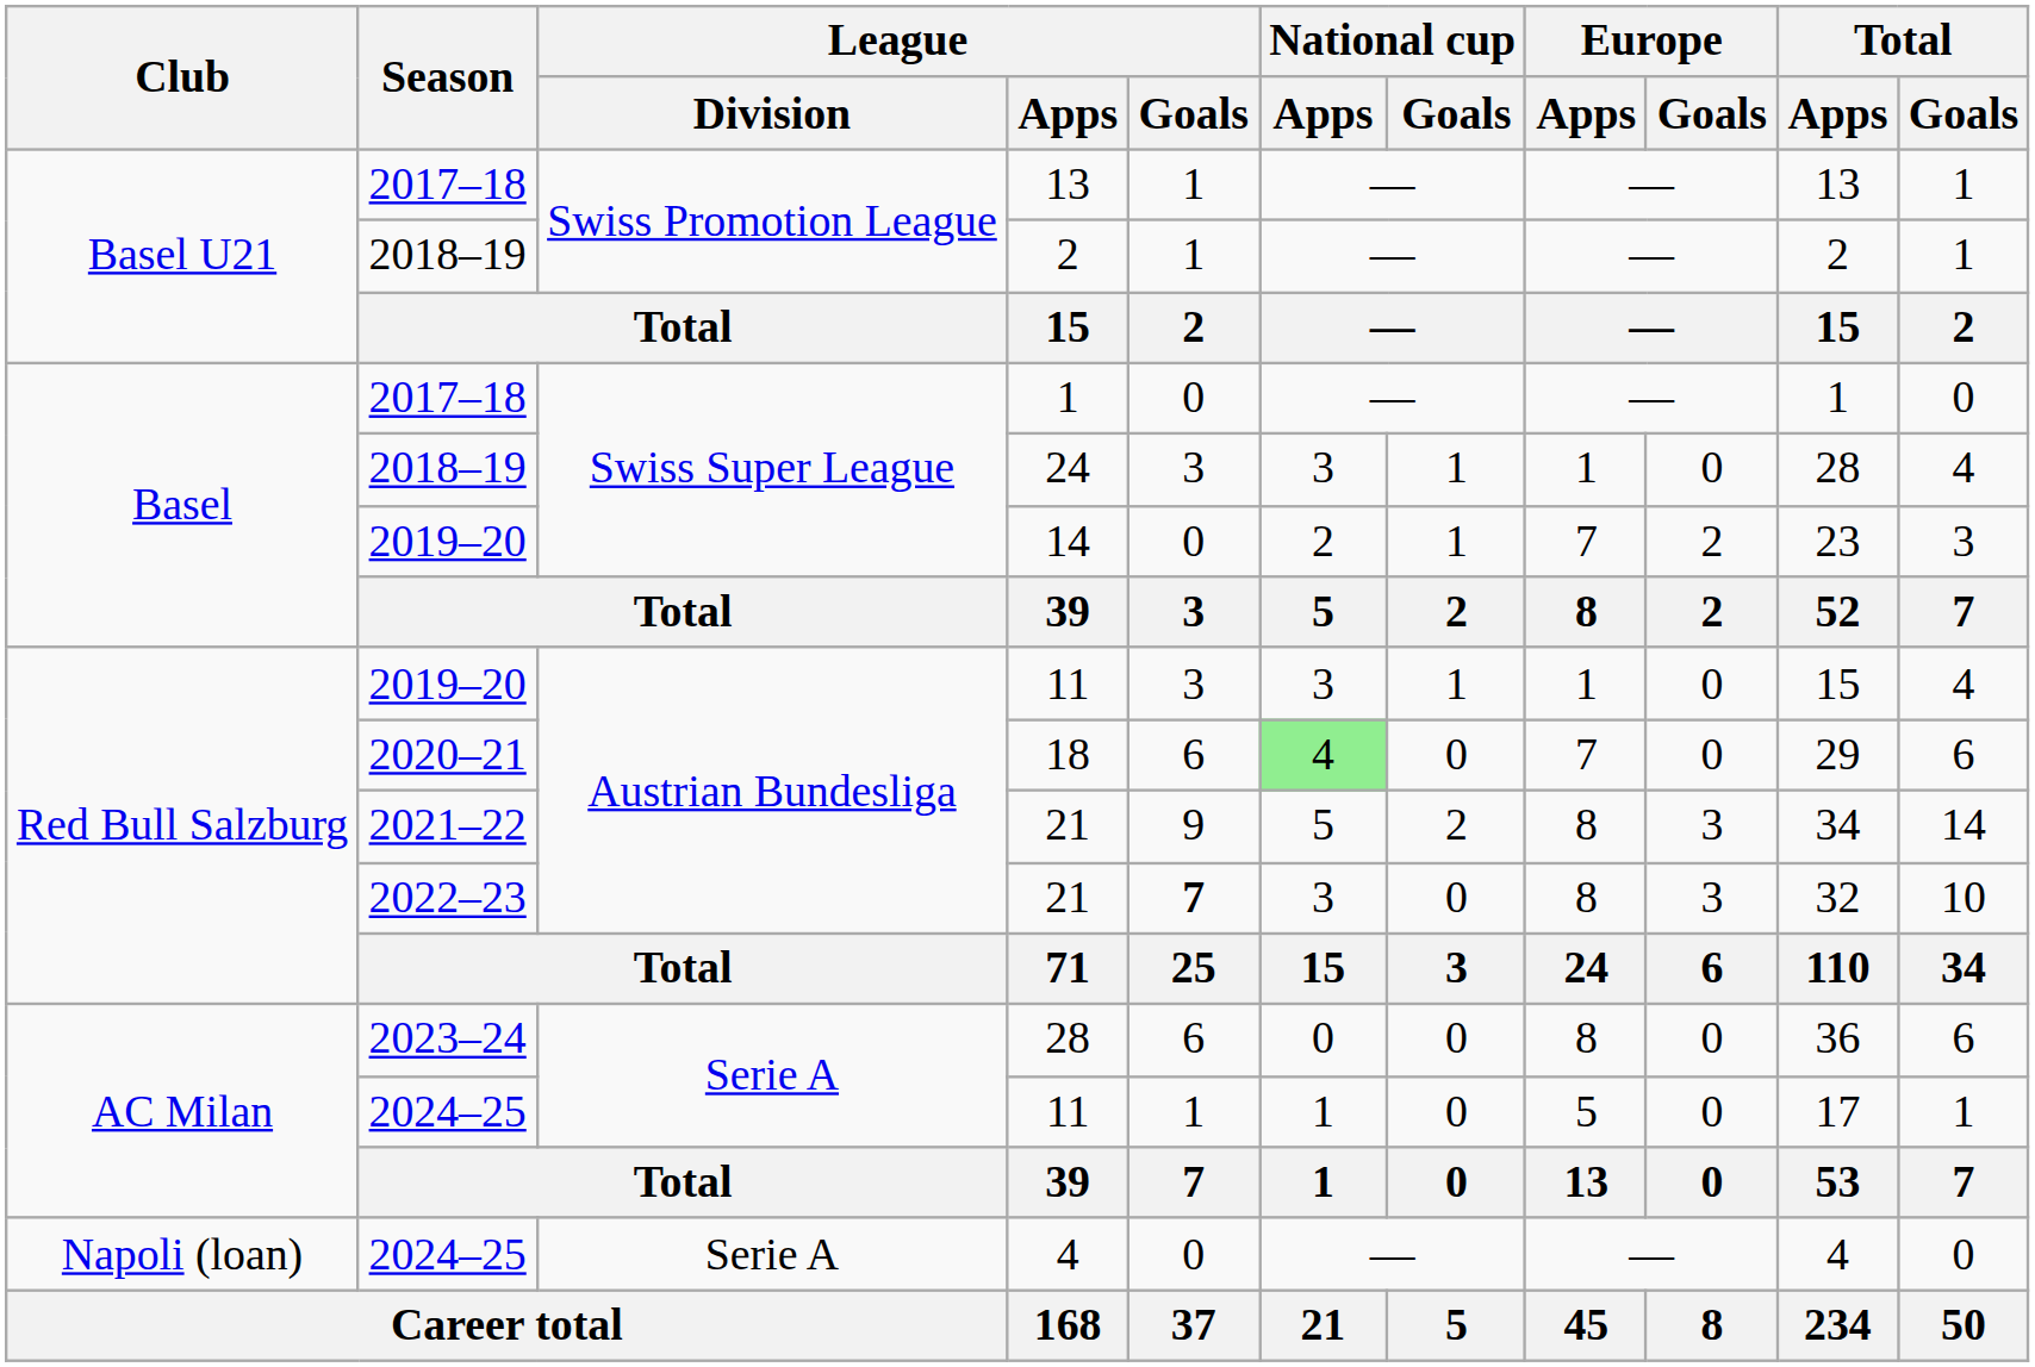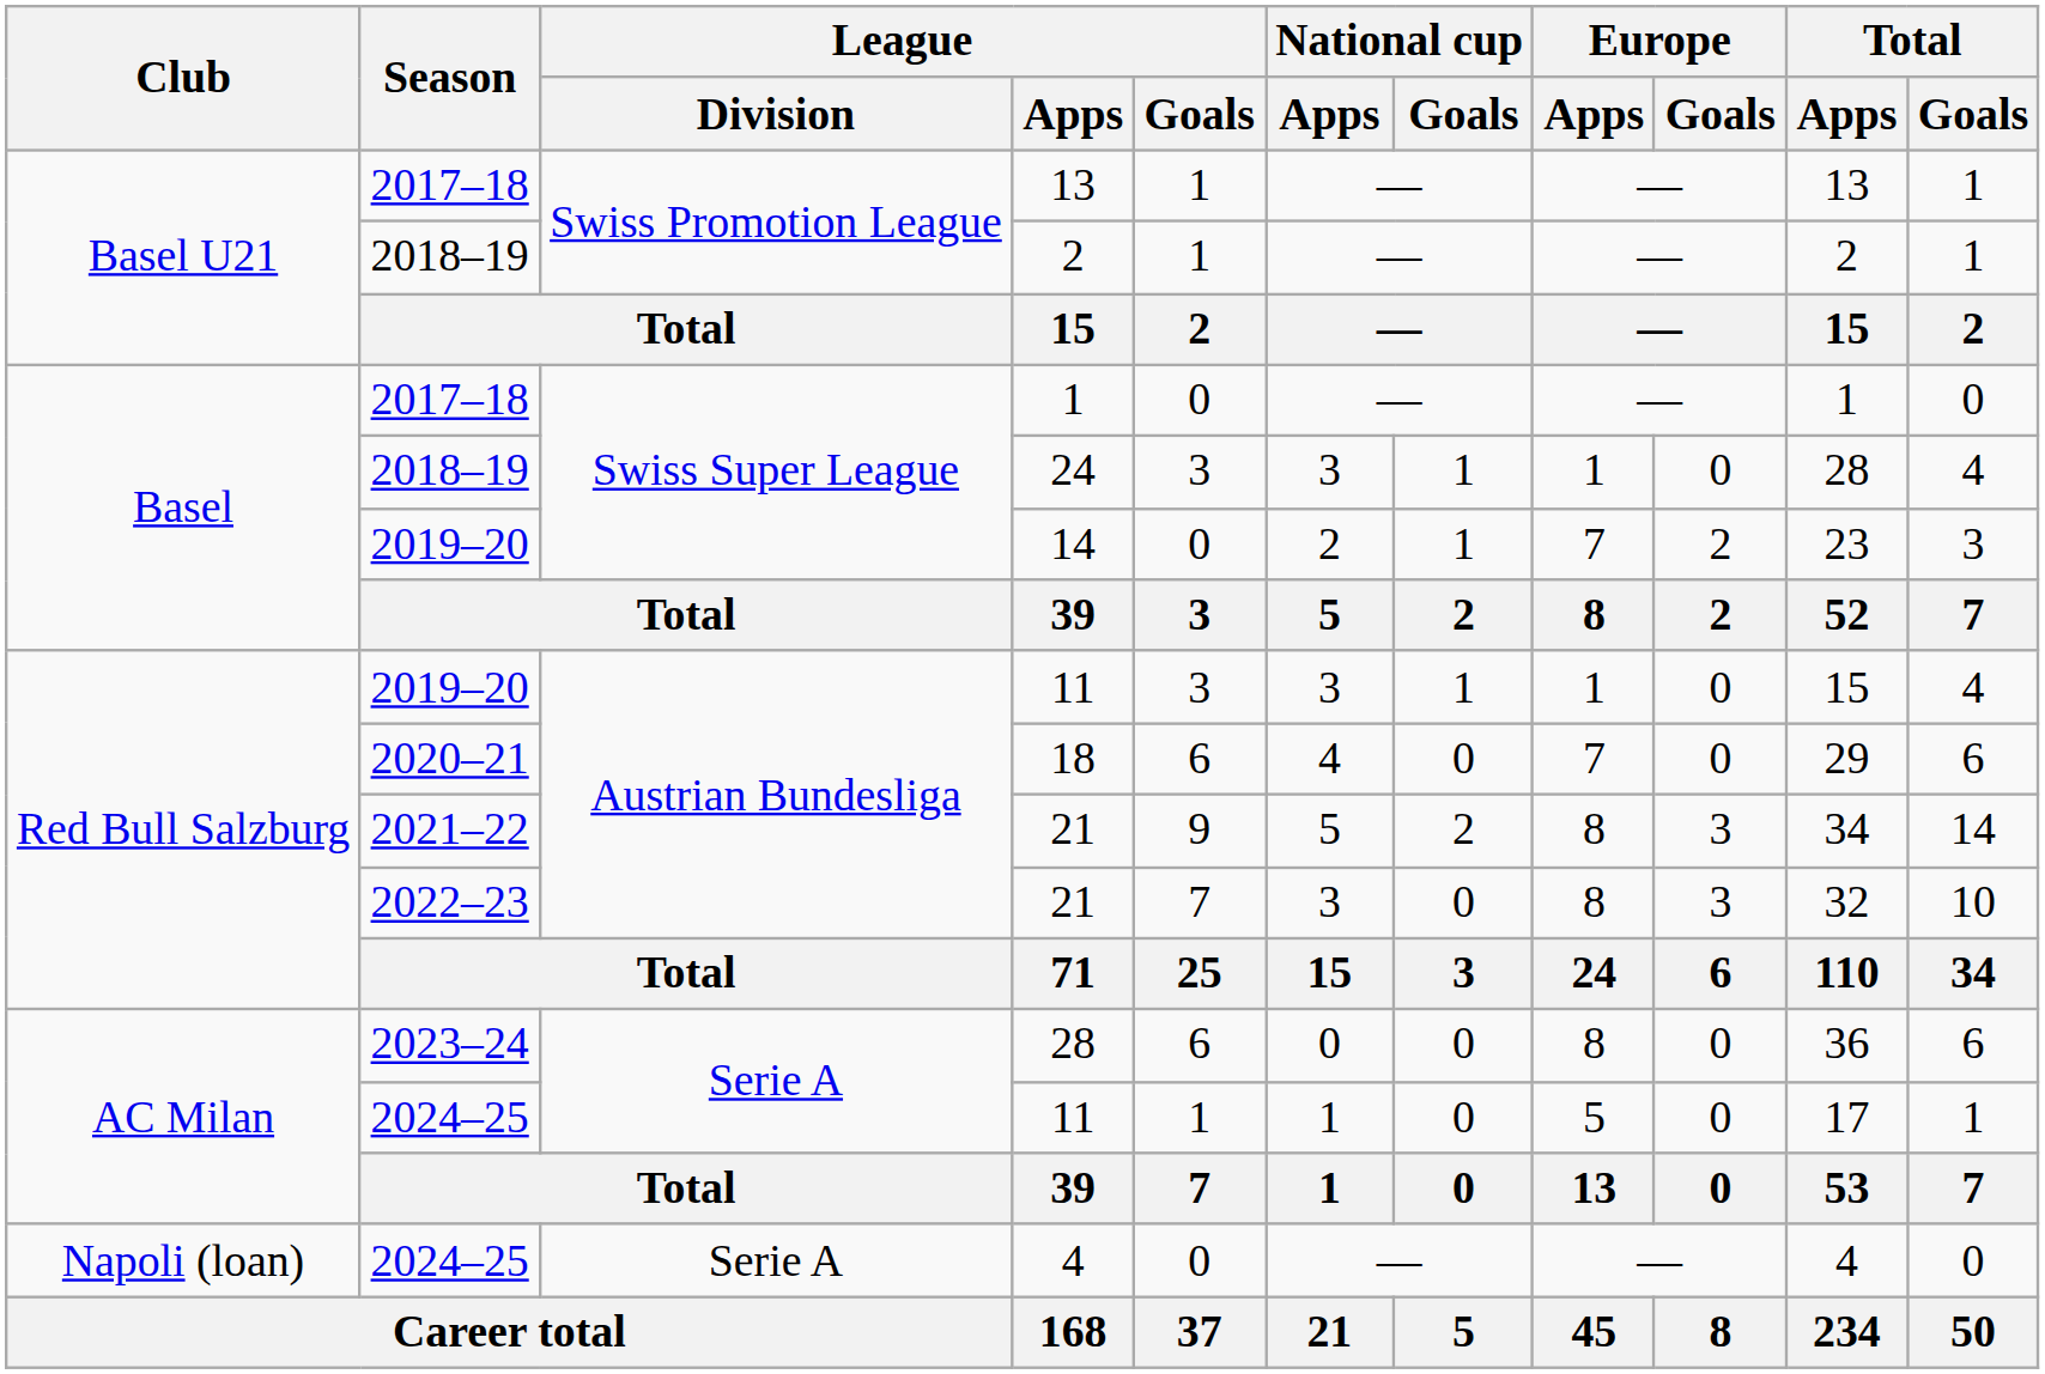 <table class="wikitable" style="text-align:center">
 <tr>
 <th rowspan="2">Club</th>
 <th rowspan="2">Season</th>
 <th colspan="3">League</th>
 <th colspan="2">National cup</th>
 <th colspan="2">Europe</th>
 <th colspan="2">Total</th>
 </tr>
 <tr>
 <th>Division</th>
 <th>Apps</th>
 <th>Goals</th>
 <th>Apps</th>
 <th>Goals</th>
 <th>Apps</th>
 <th>Goals</th>
 <th>Apps</th>
 <th>Goals</th>
 </tr>
 <tr>
 <td rowspan="3"><a href='#'>Basel U21</a></td>
 <td><a href='#'>2017–18</a></td>
 <td rowspan="2"><a href='#'>Swiss Promotion League</a></td>
 <td>13</td>
 <td>1</td>
 <td colspan="2">—</td>
 <td colspan="2">—</td>
 <td>13</td>
 <td>1</td>
 </tr>
 <tr>
 <td>2018–19</td>
 <td>2</td>
 <td>1</td>
 <td colspan="2">—</td>
 <td colspan="2">—</td>
 <td>2</td>
 <td>1</td>
 </tr>
 <tr>
 <th colspan="2">Total</th>
 <th>15</th>
 <th>2</th>
 <th colspan="2">—</th>
 <th colspan="2">—</th>
 <th>15</th>
 <th>2</th>
 </tr>
 <tr>
 <td rowspan="4"><a href='#'>Basel</a></td>
 <td><a href='#'>2017–18</a></td>
 <td rowspan="3"><a href='#'>Swiss Super League</a></td>
 <td>1</td>
 <td>0</td>
 <td colspan="2">—</td>
 <td colspan="2">—</td>
 <td>1</td>
 <td>0</td>
 </tr>
 <tr>
 <td><a href='#'>2018–19</a></td>
 <td>24</td>
 <td>3</td>
 <td>3</td>
 <td>1</td>
 <td>1</td>
 <td>0</td>
 <td>28</td>
 <td>4</td>
 </tr>
 <tr>
 <td><a href='#'>2019–20</a></td>
 <td>14</td>
 <td>0</td>
 <td>2</td>
 <td>1</td>
 <td>7</td>
 <td>2</td>
 <td>23</td>
 <td>3</td>
 </tr>
 <tr>
 <th colspan="2">Total</th>
 <th>39</th>
 <th>3</th>
 <th>5</th>
 <th>2</th>
 <th>8</th>
 <th>2</th>
 <th>52</th>
 <th>7</th>
 </tr>
 <tr>
 <td rowspan="5"><a href='#'>Red Bull Salzburg</a></td>
 <td><a href='#'>2019–20</a></td>
 <td rowspan="4"><a href='#'>Austrian Bundesliga</a></td>
 <td>11</td>
 <td>3</td>
 <td>3</td>
 <td>1</td>
 <td>1</td>
 <td>0</td>
 <td>15</td>
 <td>4</td>
 </tr>
 <tr>
 <td><a href='#'>2020–21</a></td>
 <td>18</td>
 <td>6</td>
-<td style="background: lightgreen;">4</td>
+<td>4</td>
 <td>0</td>
 <td>7</td>
 <td>0</td>
 <td>29</td>
 <td>6</td>
 </tr>
 <tr>
 <td><a href='#'>2021–22</a></td>
 <td>21</td>
 <td>9</td>
 <td>5</td>
 <td>2</td>
 <td>8</td>
 <td>3</td>
 <td>34</td>
 <td>14</td>
 </tr>
 <tr>
 <td><a href='#'>2022–23</a></td>
 <td>21</td>
-<td><strong>7</strong></td>
+<td>7</td>
 <td>3</td>
 <td>0</td>
 <td>8</td>
 <td>3</td>
 <td>32</td>
 <td>10</td>
 </tr>
 <tr>
 <th colspan="2">Total</th>
 <th>71</th>
 <th>25</th>
 <th>15</th>
 <th>3</th>
 <th>24</th>
 <th>6</th>
 <th>110</th>
 <th>34</th>
 </tr>
 <tr>
 <td rowspan="3"><a href='#'>AC Milan</a></td>
 <td><a href='#'>2023–24</a></td>
 <td rowspan="2"><a href='#'>Serie A</a></td>
 <td>28</td>
 <td>6</td>
 <td>0</td>
 <td>0</td>
 <td>8</td>
 <td>0</td>
 <td>36</td>
 <td>6</td>
 </tr>
 <tr>
 <td><a href='#'>2024–25</a></td>
 <td>11</td>
 <td>1</td>
 <td>1</td>
 <td>0</td>
 <td>5</td>
 <td>0</td>
 <td>17</td>
 <td>1</td>
 </tr>
 <tr>
 <th colspan="2">Total</th>
 <th>39</th>
 <th>7</th>
 <th>1</th>
 <th>0</th>
 <th>13</th>
 <th>0</th>
 <th>53</th>
 <th>7</th>
 </tr>
 <tr>
 <td><a href='#'>Napoli</a> (loan)</td>
 <td><a href='#'>2024–25</a></td>
 <td>Serie A</td>
 <td>4</td>
 <td>0</td>
 <td colspan="2">—</td>
 <td colspan="2">—</td>
 <td>4</td>
 <td>0</td>
 </tr>
 <tr>
 <th colspan="3">Career total</th>
 <th>168</th>
 <th>37</th>
 <th>21</th>
 <th>5</th>
 <th>45</th>
 <th>8</th>
 <th>234</th>
 <th>50</th>
 </tr>
 </table>
